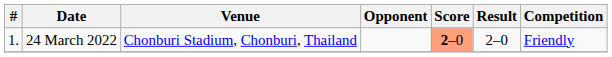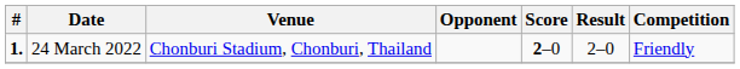 <table class="wikitable">
 <tr>
 <th>#</th>
 <th>Date</th>
 <th>Venue</th>
 <th>Opponent</th>
 <th>Score</th>
 <th>Result</th>
 <th>Competition</th>
 </tr>
 <tr>
-<td>1.</td>
+<td><strong>1.</strong></td>
 <td>24 March 2022</td>
 <td><a href='#'>Chonburi Stadium</a>, <a href='#'>Chonburi</a>, <a href='#'>Thailand</a></td>
 <td></td>
-<td align=center style="background: lightsalmon;"><strong>2</strong>–0</td>
+<td align=center><strong>2</strong>–0</td>
 <td align=center>2–0</td>
 <td><a href='#'>Friendly</a></td>
 </tr>
 <tr>
 </tr>
 </table>
